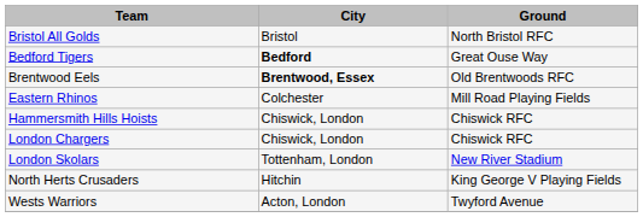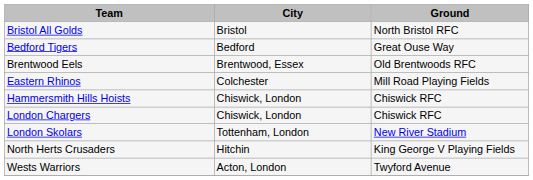 <table class="wikitable sortable" style="width: 700px; background:WhiteSmoke; text-align:left; font-size:90%">
 <tr>
 <td scope="col" style="width: 40%; background:silver; text-align:center;"><strong>Team</strong></td>
 <td scope="col" style="width: 30%; background:silver; text-align:center;"><strong>City</strong></td>
 <td scope="col" style="width: 30%; background:silver; text-align:center;"><strong>Ground</strong></td>
 </tr>
 <tr>
 <td><a href='#'>Bristol All Golds</a></td>
 <td>Bristol</td>
 <td>North Bristol RFC</td>
 </tr>
 <tr>
 <td><a href='#'>Bedford Tigers</a></td>
-<td><strong>Bedford</strong></td>
+<td>Bedford</td>
 <td>Great Ouse Way</td>
 </tr>
 <tr>
 <td>Brentwood Eels</td>
-<td><strong>Brentwood, Essex</strong></td>
+<td>Brentwood, Essex</td>
 <td>Old Brentwoods RFC</td>
 </tr>
 <tr>
 <td><a href='#'>Eastern Rhinos</a></td>
 <td>Colchester</td>
 <td>Mill Road Playing Fields</td>
 </tr>
 <tr>
 <td><a href='#'>Hammersmith Hills Hoists</a></td>
 <td>Chiswick, London</td>
 <td>Chiswick RFC</td>
 </tr>
 <tr>
 <td><a href='#'>London Chargers</a></td>
 <td>Chiswick, London</td>
 <td>Chiswick RFC</td>
 </tr>
 <tr>
 <td><a href='#'>London Skolars</a></td>
 <td>Tottenham, London</td>
 <td><a href='#'>New River Stadium</a></td>
 </tr>
 <tr>
 <td>North Herts Crusaders</td>
 <td>Hitchin</td>
 <td>King George V Playing Fields</td>
 </tr>
 <tr>
 <td>Wests Warriors</td>
 <td>Acton, London</td>
 <td>Twyford Avenue</td>
 </tr>
 <tr>
 </tr>
 </table>
